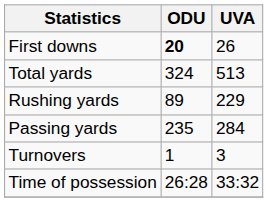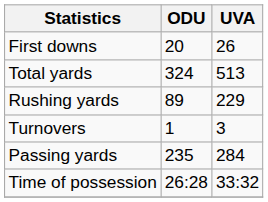 <table class="wikitable" style="float: left;">
 <tr>
 <th>Statistics</th>
 <th>ODU</th>
 <th>UVA</th>
 </tr>
 <tr>
 <td>First downs</td>
-<td><strong>20</strong></td>
+<td>20</td>
 <td>26</td>
 </tr>
 <tr>
 <td>Total yards</td>
 <td>324</td>
 <td>513</td>
 </tr>
 <tr>
 <td>Rushing yards</td>
 <td>89</td>
 <td>229</td>
 </tr>
 <tr>
+<td>Turnovers</td>
+<td>1</td>
+<td>3</td>
+</tr>
+<tr>
 <td>Passing yards</td>
 <td>235</td>
 <td>284</td>
-</tr>
-<tr>
-<td>Turnovers</td>
-<td>1</td>
-<td>3</td>
 </tr>
 <tr>
 <td>Time of possession</td>
 <td>26:28</td>
 <td>33:32</td>
 </tr>
 <tr>
 </tr>
 </table>
